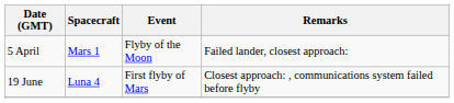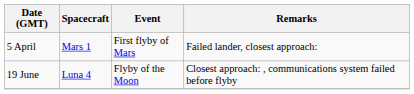 <table class=wikitable width="100%">
 <tr>
 <th>Date (GMT)</th>
 <th>Spacecraft</th>
 <th>Event</th>
 <th>Remarks</th>
 </tr>
 <tr>
 <td>5 April</td>
 <td><a href='#'>Mars 1</a></td>
-<td>Flyby of the <a href='#'>Moon</a></td>
+<td>First flyby of <a href='#'>Mars</a></td>
 <td>Failed lander, closest approach: </td>
 </tr>
 <tr>
 <td>19 June</td>
 <td><a href='#'>Luna 4</a></td>
-<td>First flyby of <a href='#'>Mars</a></td>
+<td>Flyby of the <a href='#'>Moon</a></td>
 <td>Closest approach: , communications system failed before flyby</td>
 </tr>
 <tr>
 </tr>
 </table>
